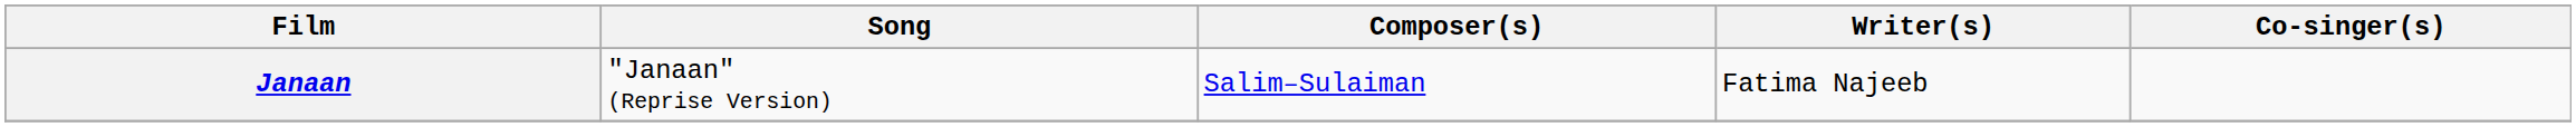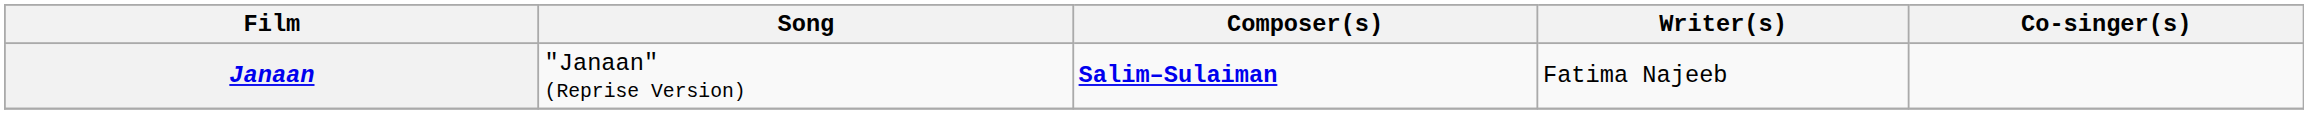 <table class="wikitable plainrowheaders" width="100%" textcolor:#000;">
 <tr>
 <th scope="col" width=23%><strong>Film</strong></th>
 <th scope="col" width=23%><strong>Song</strong></th>
 <th scope="col" width=20%><strong>Composer(s)</strong></th>
 <th scope="col" width=16%><strong>Writer(s)</strong></th>
 <th scope="col" width=17%><strong>Co-singer(s)</strong></th>
 </tr>
 <tr>
 <th scope="row"><em><a href='#'>Janaan</a></em></th>
 <td>"Janaan"<br><small>(Reprise Version)</small></td>
-<td><a href='#'>Salim–Sulaiman</a></td>
+<td><strong><a href='#'>Salim–Sulaiman</a></strong></td>
 <td>Fatima Najeeb</td>
 <td></td>
 </tr>
 <tr>
 </tr>
 </table>
